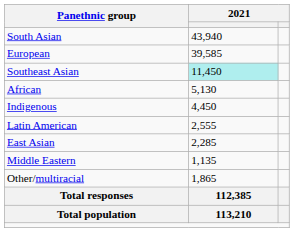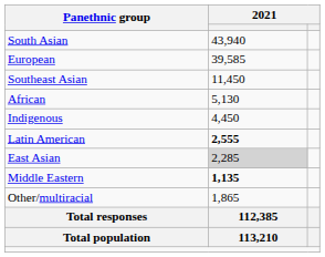 <table class="wikitable collapsible sortable">
 <tr>
 <th rowspan="2"><a href='#'>Panethnic</a> group</th>
 <th colspan="2">2021</th>
 </tr>
 <tr>
 <th><a href='#'></a></th>
 <th></th>
 </tr>
 <tr>
 <td><a href='#'>South Asian</a></td>
 <td>43,940</td>
 <td></td>
 </tr>
 <tr>
 <td><a href='#'>European</a></td>
 <td>39,585</td>
 <td></td>
 </tr>
 <tr>
 <td><a href='#'>Southeast Asian</a></td>
-<td style="background: paleturquoise;">11,450</td>
+<td>11,450</td>
 <td></td>
 </tr>
 <tr>
 <td><a href='#'>African</a></td>
 <td>5,130</td>
 <td></td>
 </tr>
 <tr>
 <td><a href='#'>Indigenous</a></td>
 <td>4,450</td>
 <td></td>
 </tr>
 <tr>
 <td><a href='#'>Latin American</a></td>
-<td>2,555</td>
+<td><strong>2,555</strong></td>
 <td></td>
 </tr>
 <tr>
 <td><a href='#'>East Asian</a></td>
-<td>2,285</td>
+<td style="background: lightgrey;">2,285</td>
 <td></td>
 </tr>
 <tr>
 <td><a href='#'>Middle Eastern</a></td>
-<td>1,135</td>
+<td><strong>1,135</strong></td>
 <td></td>
 </tr>
 <tr>
 <td>Other/<a href='#'>multiracial</a></td>
 <td>1,865</td>
 <td></td>
 </tr>
 <tr>
 <th>Total responses</th>
 <th>112,385</th>
 <th></th>
 </tr>
 <tr class="sortbottom">
 <th>Total population</th>
 <th>113,210</th>
 <th></th>
 </tr>
 <tr class="sortbottom">
 <td colspan="15" style="width: 25em;"></td>
 </tr>
 </table>
